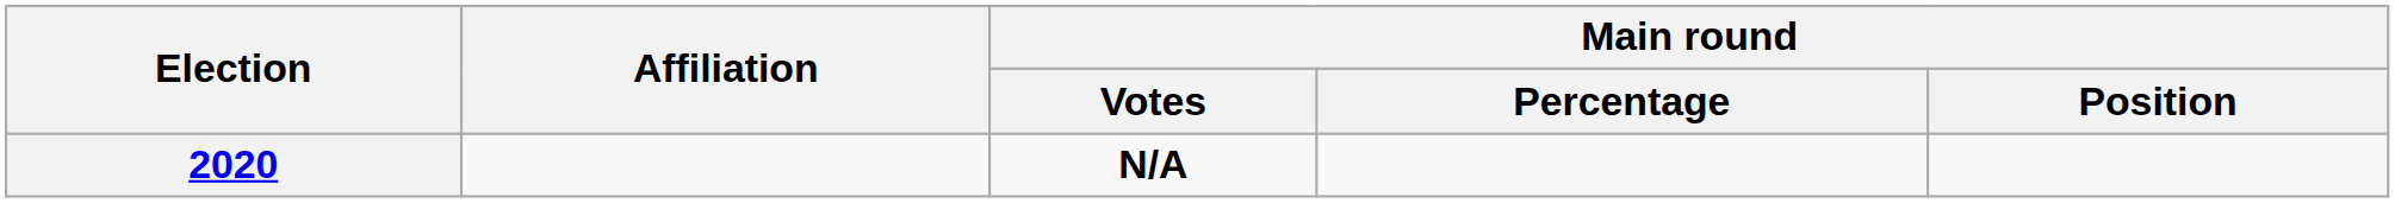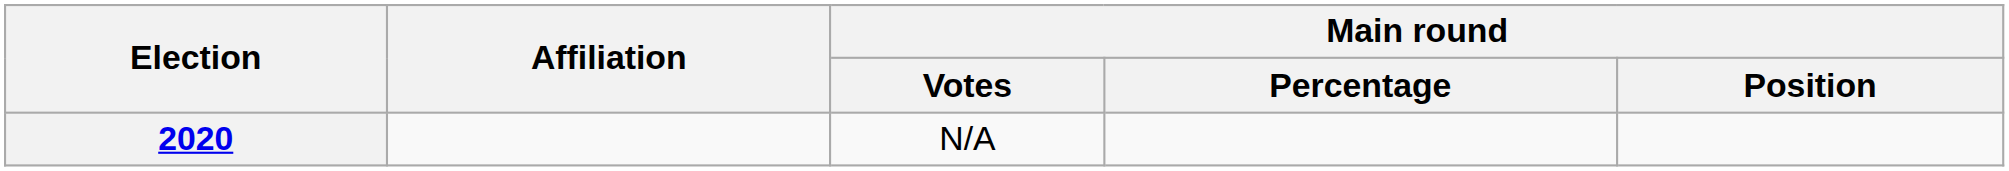 <table class=wikitable width=75%>
 <tr>
 <th rowspan=2>Election</th>
 <th rowspan=2>Affiliation</th>
 <th colspan=3>Main round</th>
 </tr>
 <tr>
 <th>Votes</th>
 <th>Percentage</th>
 <th>Position</th>
 </tr>
 <tr align=center>
 <th><a href='#'>2020</a></th>
 <td></td>
-<td><strong>N/A</strong></td>
+<td>N/A</td>
 <td></td>
 <td></td>
 </tr>
 </table>
